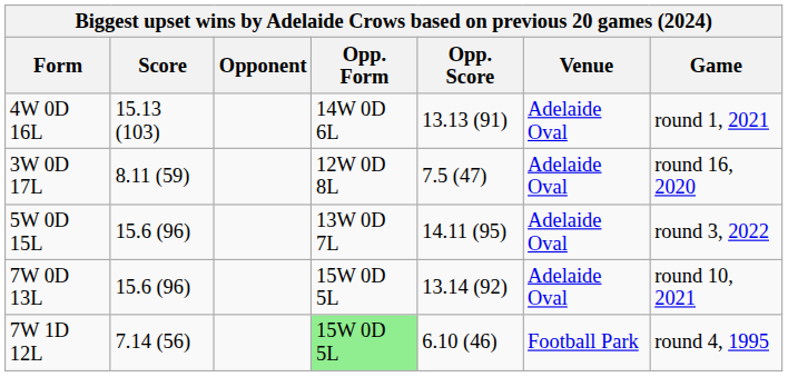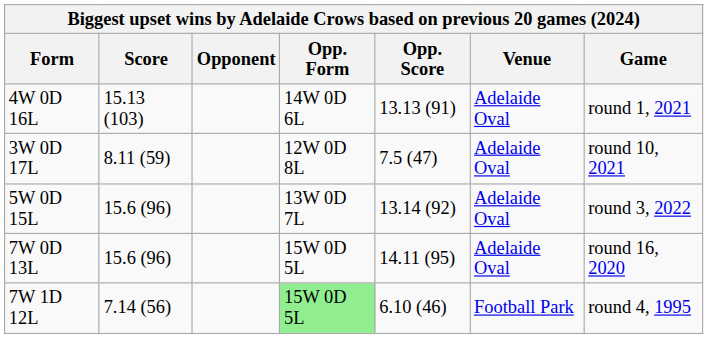 <table class="wikitable sortable">
 <tr>
 <th colspan="8">Biggest upset wins by Adelaide Crows based on previous 20 games (2024)</th>
 </tr>
 <tr>
 <th>Form</th>
 <th>Score</th>
 <th>Opponent</th>
 <th>Opp. Form</th>
 <th>Opp. Score</th>
 <th>Venue</th>
 <th>Game</th>
 </tr>
 <tr>
 <td>4W 0D 16L</td>
 <td>15.13 (103)</td>
 <td></td>
 <td>14W 0D 6L</td>
 <td>13.13 (91)</td>
 <td><a href='#'>Adelaide Oval</a></td>
 <td>round 1, <a href='#'>2021</a></td>
 </tr>
 <tr>
 <td>3W 0D 17L</td>
 <td>8.11 (59)</td>
 <td></td>
 <td>12W 0D 8L</td>
 <td>7.5 (47)</td>
 <td><a href='#'>Adelaide Oval</a></td>
-<td>round 16, <a href='#'>2020</a></td>
+<td>round 10, <a href='#'>2021</a></td>
 </tr>
 <tr>
 <td>5W 0D 15L</td>
 <td>15.6 (96)</td>
 <td></td>
 <td>13W 0D 7L</td>
-<td>14.11 (95)</td>
+<td>13.14 (92)</td>
 <td><a href='#'>Adelaide Oval</a></td>
 <td>round 3, <a href='#'>2022</a></td>
 </tr>
 <tr>
 <td>7W 0D 13L</td>
 <td>15.6 (96)</td>
 <td></td>
 <td>15W 0D 5L</td>
-<td>13.14 (92)</td>
+<td>14.11 (95)</td>
 <td><a href='#'>Adelaide Oval</a></td>
-<td>round 10, <a href='#'>2021</a></td>
+<td>round 16, <a href='#'>2020</a></td>
 </tr>
 <tr>
 <td>7W 1D 12L</td>
 <td>7.14 (56)</td>
 <td></td>
 <td style="background: lightgreen;">15W 0D 5L</td>
 <td>6.10 (46)</td>
 <td><a href='#'>Football Park</a></td>
 <td>round 4, <a href='#'>1995</a></td>
 </tr>
 </table>
